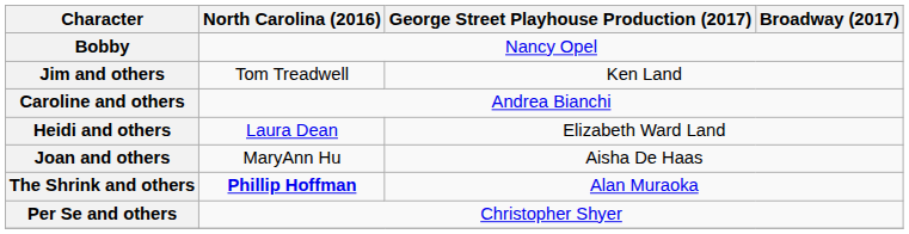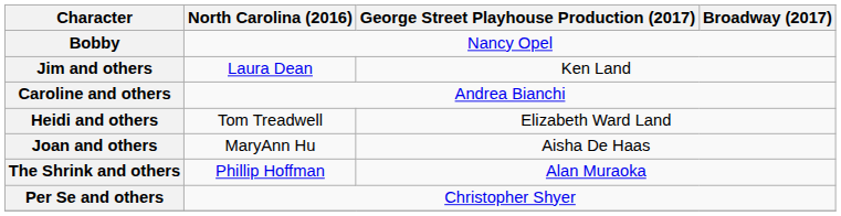 <table class="wikitable" style="width:1000;">
 <tr>
 <th>Character</th>
 <th>North Carolina (2016) </th>
 <th>George Street Playhouse Production (2017) </th>
 <th>Broadway (2017) </th>
 </tr>
 <tr>
 <th>Bobby</th>
 <td colspan="3" align="center"><a href='#'>Nancy Opel</a></td>
 </tr>
 <tr>
 <th>Jim and others</th>
-<td colspan="1" align="center">Tom Treadwell</td>
+<td colspan="1" align="center"><a href='#'>Laura Dean</a></td>
 <td colspan="2" align="center">Ken Land</td>
 </tr>
 <tr>
 <th>Caroline and others</th>
 <td colspan="3" align="center"><a href='#'>Andrea Bianchi</a></td>
 </tr>
 <tr>
 <th>Heidi and others</th>
-<td colspan="1" align="center"><a href='#'>Laura Dean</a></td>
+<td colspan="1" align="center">Tom Treadwell</td>
 <td colspan="2" align="center">Elizabeth Ward Land</td>
 </tr>
 <tr>
 <th>Joan and others</th>
 <td colspan="1" align="center">MaryAnn Hu</td>
 <td colspan="2" align="center">Aisha De Haas</td>
 </tr>
 <tr>
 <th>The Shrink and others</th>
-<td colspan="1" align="center"><strong><a href='#'>Phillip Hoffman</a></strong></td>
+<td colspan="1" align="center"><a href='#'>Phillip Hoffman</a></td>
 <td colspan="2" align="center"><a href='#'>Alan Muraoka</a></td>
 </tr>
 <tr>
 <th>Per Se and others</th>
 <td colspan="3" align="center"><a href='#'>Christopher Shyer</a></td>
 </tr>
 <tr>
 </tr>
 </table>
